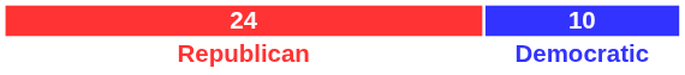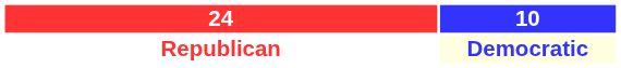 <table style="width:50%">
 <tr>
 <td colspan="3" scope="row" style="text-align:center"></td>
 </tr>
 <tr>
 <td scope="row" style="background:#F33; width:71%; text-align:center; color:white"><strong>24</strong></td>
 <td style="background:#33F; width:29%; text-align:center; color:white"><strong>10</strong></td>
 </tr>
 <tr>
 <td scope="row" style="text-align:center; color:#F33"><strong>Republican</strong></td>
-<td style="text-align:center; color:#33F"><strong>Democratic</strong></td>
+<td style="background: lightyellow; text-align:center; color:#33F"><strong>Democratic</strong></td>
 </tr>
 </table>
